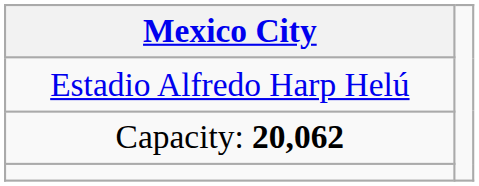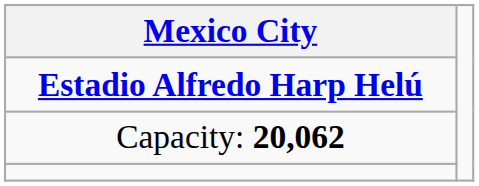 <table class="wikitable" style="text-align:center" width=225>
 <tr>
 <th> <strong><a href='#'>Mexico City</a></strong></th>
 <td rowspan=4></td>
 </tr>
 <tr>
-<td><a href='#'>Estadio Alfredo Harp Helú</a></td>
+<td><strong><a href='#'>Estadio Alfredo Harp Helú</a></strong></td>
 </tr>
 <tr>
 <td>Capacity: <strong>20,062</strong></td>
 </tr>
 <tr>
 <td></td>
 </tr>
 </table>
